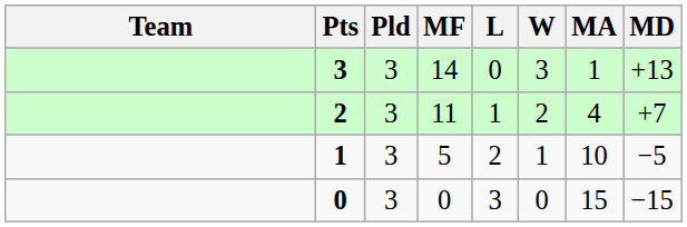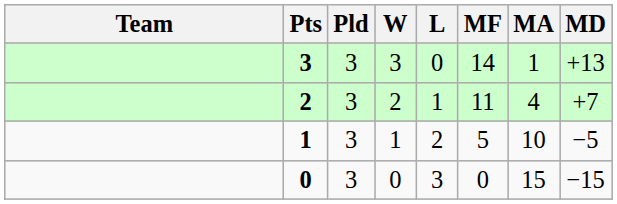 <table class=wikitable style="text-align:center">
 <tr>
 <th width=175>Team</th>
 <th width=20>Pts</th>
 <th width=20>Pld</th>
+<th width=20>W</th>
+<th width=20>L</th>
 <th width=20>MF</th>
-<th width=20>L</th>
-<th width=20>W</th>
 <th width=20>MA</th>
 <th width=20>MD</th>
 </tr>
 <tr bgcolor=#ccffcc>
 <td align=left></td>
 <td><strong>3</strong></td>
 <td>3</td>
+<td>3</td>
+<td>0</td>
 <td>14</td>
-<td>0</td>
-<td>3</td>
 <td>1</td>
 <td>+13</td>
 </tr>
 <tr bgcolor=#ccffcc>
 <td align=left></td>
 <td><strong>2</strong></td>
 <td>3</td>
+<td>2</td>
+<td>1</td>
 <td>11</td>
-<td>1</td>
-<td>2</td>
 <td>4</td>
 <td>+7</td>
 </tr>
 <tr>
 <td align=left></td>
 <td><strong>1</strong></td>
 <td>3</td>
+<td>1</td>
+<td>2</td>
 <td>5</td>
-<td>2</td>
-<td>1</td>
 <td>10</td>
 <td>−5</td>
 </tr>
 <tr>
 <td align=left></td>
 <td><strong>0</strong></td>
 <td>3</td>
 <td>0</td>
 <td>3</td>
 <td>0</td>
 <td>15</td>
 <td>−15</td>
 </tr>
 </table>
